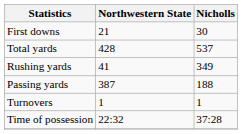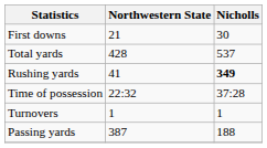 <table class="wikitable">
 <tr>
 <th>Statistics</th>
 <th>Northwestern State</th>
 <th>Nicholls</th>
 </tr>
 <tr>
 <td>First downs</td>
 <td>21</td>
 <td>30</td>
 </tr>
 <tr>
 <td>Total yards</td>
 <td>428</td>
 <td>537</td>
 </tr>
 <tr>
 <td>Rushing yards</td>
 <td>41</td>
-<td>349</td>
+<td><strong>349</strong></td>
+</tr>
+<tr>
+<td>Time of possession</td>
+<td>22:32</td>
+<td>37:28</td>
+</tr>
+<tr>
+<td>Turnovers</td>
+<td>1</td>
+<td>1</td>
 </tr>
 <tr>
 <td>Passing yards</td>
 <td>387</td>
 <td>188</td>
 </tr>
 <tr>
-<td>Turnovers</td>
-<td>1</td>
-<td>1</td>
-</tr>
-<tr>
-<td>Time of possession</td>
-<td>22:32</td>
-<td>37:28</td>
-</tr>
-<tr>
 </tr>
 </table>
